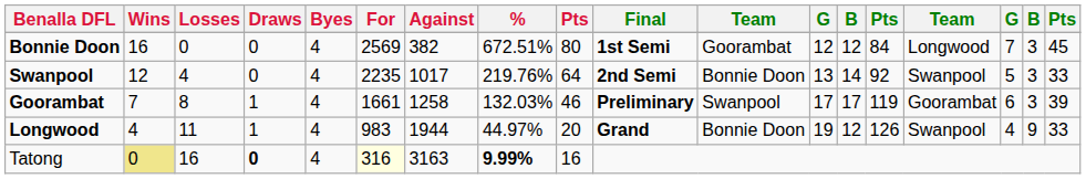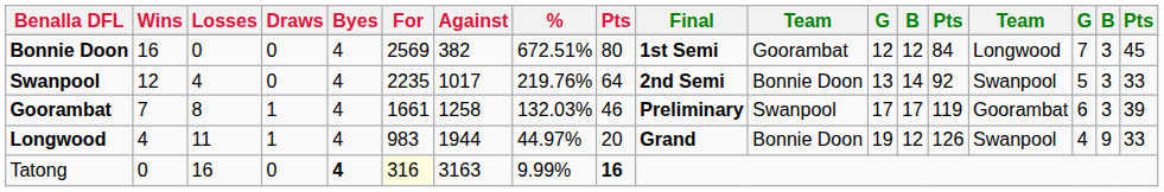 <table style="font-size: 85%; text-align: left;" class="wikitable">
 <tr>
 <th style="color:crimson">Benalla DFL</th>
 <th style="color:crimson">Wins</th>
 <th style="color:crimson">Losses</th>
 <th style="color:crimson">Draws</th>
 <th style="color:crimson">Byes</th>
 <th style="color:crimson">For</th>
 <th style="color:crimson">Against</th>
 <th style="color:crimson">%</th>
 <th style="color:crimson">Pts</th>
 <th style="color:green">Final</th>
 <th style="color:green">Team</th>
 <th style="color:green">G</th>
 <th style="color:green">B</th>
 <th style="color:green">Pts</th>
 <th style="color:green">Team</th>
 <th style="color:green">G</th>
 <th style="color:green">B</th>
 <th style="color:green">Pts</th>
 </tr>
 <tr>
 </tr>
 <tr>
 </tr>
 <tr>
 <td><strong>Bonnie Doon</strong></td>
 <td>16</td>
 <td>0</td>
 <td>0</td>
 <td>4</td>
 <td>2569</td>
 <td>382</td>
 <td>672.51%</td>
 <td>80</td>
 <td><strong>1st Semi</strong></td>
 <td>Goorambat</td>
 <td>12</td>
 <td>12</td>
 <td>84</td>
 <td>Longwood</td>
 <td>7</td>
 <td>3</td>
 <td>45</td>
 </tr>
 <tr>
 <td><strong>Swanpool</strong></td>
 <td>12</td>
 <td>4</td>
 <td>0</td>
 <td>4</td>
 <td>2235</td>
 <td>1017</td>
 <td>219.76%</td>
 <td>64</td>
 <td><strong>2nd Semi</strong></td>
 <td>Bonnie Doon</td>
 <td>13</td>
 <td>14</td>
 <td>92</td>
 <td>Swanpool</td>
 <td>5</td>
 <td>3</td>
 <td>33</td>
 </tr>
 <tr>
 <td><strong>Goorambat</strong></td>
 <td>7</td>
 <td>8</td>
 <td>1</td>
 <td>4</td>
 <td>1661</td>
 <td>1258</td>
 <td>132.03%</td>
 <td>46</td>
 <td><strong>Preliminary</strong></td>
 <td>Swanpool</td>
 <td>17</td>
 <td>17</td>
 <td>119</td>
 <td>Goorambat</td>
 <td>6</td>
 <td>3</td>
 <td>39</td>
 </tr>
 <tr>
 <td><strong>Longwood</strong></td>
 <td>4</td>
 <td>11</td>
 <td>1</td>
 <td>4</td>
 <td>983</td>
 <td>1944</td>
 <td>44.97%</td>
 <td>20</td>
 <td><strong>Grand</strong></td>
 <td>Bonnie Doon</td>
 <td>19</td>
 <td>12</td>
 <td>126</td>
 <td>Swanpool</td>
 <td>4</td>
 <td>9</td>
 <td>33</td>
 </tr>
 <tr>
 <td>Tatong</td>
-<td style="background: khaki;">0</td>
+<td>0</td>
 <td>16</td>
-<td><strong>0</strong></td>
-<td>4</td>
+<td>0</td>
+<td><strong>4</strong></td>
 <td style="background: lightyellow;">316</td>
 <td>3163</td>
-<td><strong>9.99%</strong></td>
-<td>16</td>
+<td>9.99%</td>
+<td><strong>16</strong></td>
 </tr>
 </table>
